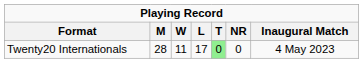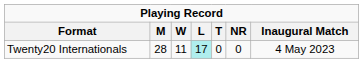 <table class="wikitable" style="text-align: center; width: 500px;">
 <tr>
 <td colspan=7 align="center"><strong>Playing Record</strong></td>
 </tr>
 <tr>
 <th>Format</th>
 <th>M</th>
 <th>W</th>
 <th>L</th>
 <th>T</th>
 <th>NR</th>
 <th>Inaugural Match</th>
 </tr>
 <tr>
 <td align="left">Twenty20 Internationals</td>
 <td>28</td>
 <td>11</td>
-<td>17</td>
-<td style="background: lightgreen;">0</td>
+<td style="background: paleturquoise;">17</td>
+<td>0</td>
 <td>0</td>
 <td>4 May 2023</td>
 </tr>
 </table>
